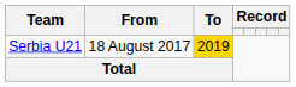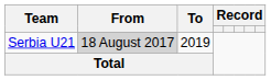 <table class=wikitable style="text-align:center">
 <tr>
 <th rowspan=2>Team</th>
 <th rowspan=2>From</th>
 <th rowspan=2>To</th>
 <th colspan=5>Record</th>
 </tr>
 <tr>
 <th></th>
 <th></th>
 <th></th>
 <th></th>
 <th></th>
 </tr>
 <tr>
 <td align=left><a href='#'>Serbia U21</a></td>
-<td align=left>18 August 2017</td>
-<td align=left style="background: gold;">2019<br></td>
+<td align=left style="background: lightgrey;">18 August 2017</td>
+<td align=left>2019<br></td>
 </tr>
 <tr>
 <th colspan=3>Total<br></th>
 </tr>
 </table>
